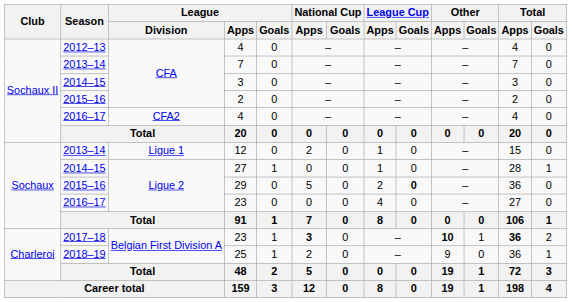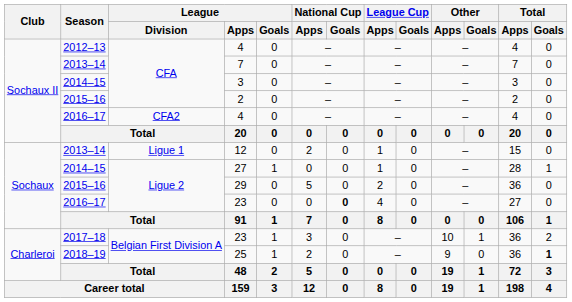 <table class="wikitable" style="text-align:center">
 <tr>
 <th rowspan="2">Club</th>
 <th rowspan="2">Season</th>
 <th colspan="3">League</th>
 <th colspan="2">National Cup</th>
 <th colspan="2"><a href='#'>League Cup</a></th>
 <th colspan="2">Other</th>
 <th colspan="2">Total</th>
 </tr>
 <tr>
 <th>Division</th>
 <th>Apps</th>
 <th>Goals</th>
 <th>Apps</th>
 <th>Goals</th>
 <th>Apps</th>
 <th>Goals</th>
 <th>Apps</th>
 <th>Goals</th>
 <th>Apps</th>
 <th>Goals</th>
 </tr>
 <tr>
 <td rowspan="6"><a href='#'>Sochaux II</a></td>
 <td><a href='#'>2012–13</a></td>
 <td rowspan="4"><a href='#'>CFA</a></td>
 <td>4</td>
 <td>0</td>
 <td colspan="2">–</td>
 <td colspan="2">–</td>
 <td colspan="2">–</td>
 <td>4</td>
 <td>0</td>
 </tr>
 <tr>
 <td><a href='#'>2013–14</a></td>
 <td>7</td>
 <td>0</td>
 <td colspan="2">–</td>
 <td colspan="2">–</td>
 <td colspan="2">–</td>
 <td>7</td>
 <td>0</td>
 </tr>
 <tr>
 <td><a href='#'>2014–15</a></td>
 <td>3</td>
 <td>0</td>
 <td colspan="2">–</td>
 <td colspan="2">–</td>
 <td colspan="2">–</td>
 <td>3</td>
 <td>0</td>
 </tr>
 <tr>
 <td><a href='#'>2015–16</a></td>
 <td>2</td>
 <td>0</td>
 <td colspan="2">–</td>
 <td colspan="2">–</td>
 <td colspan="2">–</td>
 <td>2</td>
 <td>0</td>
 </tr>
 <tr>
 <td><a href='#'>2016–17</a></td>
 <td><a href='#'>CFA2</a></td>
 <td>4</td>
 <td>0</td>
 <td colspan="2">–</td>
 <td colspan="2">–</td>
 <td colspan="2">–</td>
 <td>4</td>
 <td>0</td>
 </tr>
 <tr>
 <th colspan="2">Total</th>
 <th>20</th>
 <th>0</th>
 <th>0</th>
 <th>0</th>
 <th>0</th>
 <th>0</th>
 <th>0</th>
 <th>0</th>
 <th>20</th>
 <th>0</th>
 </tr>
 <tr>
 <td rowspan="5"><a href='#'>Sochaux</a></td>
 <td><a href='#'>2013–14</a></td>
 <td><a href='#'>Ligue 1</a></td>
 <td>12</td>
 <td>0</td>
 <td>2</td>
 <td>0</td>
 <td>1</td>
 <td>0</td>
 <td colspan="2">–</td>
 <td>15</td>
 <td>0</td>
 </tr>
 <tr>
 <td><a href='#'>2014–15</a></td>
 <td rowspan="3"><a href='#'>Ligue 2</a></td>
 <td>27</td>
 <td>1</td>
 <td>0</td>
 <td>0</td>
 <td>1</td>
 <td>0</td>
 <td colspan="2">–</td>
 <td>28</td>
 <td>1</td>
 </tr>
 <tr>
 <td><a href='#'>2015–16</a></td>
 <td>29</td>
 <td>0</td>
 <td>5</td>
 <td>0</td>
 <td>2</td>
-<td><strong>0</strong></td>
+<td>0</td>
 <td colspan="2">–</td>
 <td>36</td>
 <td>0</td>
 </tr>
 <tr>
 <td><a href='#'>2016–17</a></td>
 <td>23</td>
 <td>0</td>
 <td>0</td>
-<td>0</td>
+<td><strong>0</strong></td>
 <td>4</td>
 <td>0</td>
 <td colspan="2">–</td>
 <td>27</td>
 <td>0</td>
 </tr>
 <tr>
 <th colspan="2">Total</th>
 <th>91</th>
 <th>1</th>
 <th>7</th>
 <th>0</th>
 <th>8</th>
 <th>0</th>
 <th>0</th>
 <th>0</th>
 <th>106</th>
 <th>1</th>
 </tr>
 <tr>
 <td rowspan="3"><a href='#'>Charleroi</a></td>
 <td><a href='#'>2017–18</a></td>
 <td rowspan="2"><a href='#'>Belgian First Division A</a></td>
 <td>23</td>
 <td>1</td>
-<td><strong>3</strong></td>
+<td>3</td>
 <td>0</td>
 <td colspan="2">–</td>
-<td><strong>10</strong></td>
+<td>10</td>
 <td>1</td>
-<td><strong>36</strong></td>
+<td>36</td>
 <td>2</td>
 </tr>
 <tr>
 <td><a href='#'>2018–19</a></td>
 <td>25</td>
 <td>1</td>
 <td>2</td>
 <td>0</td>
 <td colspan="2">–</td>
 <td>9</td>
 <td>0</td>
 <td>36</td>
-<td>1</td>
+<td><strong>1</strong></td>
 </tr>
 <tr>
 <th colspan="2">Total</th>
 <th>48</th>
 <th>2</th>
 <th>5</th>
 <th>0</th>
 <th>0</th>
 <th>0</th>
 <th>19</th>
 <th>1</th>
 <th>72</th>
 <th>3</th>
 </tr>
 <tr>
 <th colspan="3">Career total</th>
 <th>159</th>
 <th>3</th>
 <th>12</th>
 <th>0</th>
 <th>8</th>
 <th>0</th>
 <th>19</th>
 <th>1</th>
 <th>198</th>
 <th>4</th>
 </tr>
 </table>
